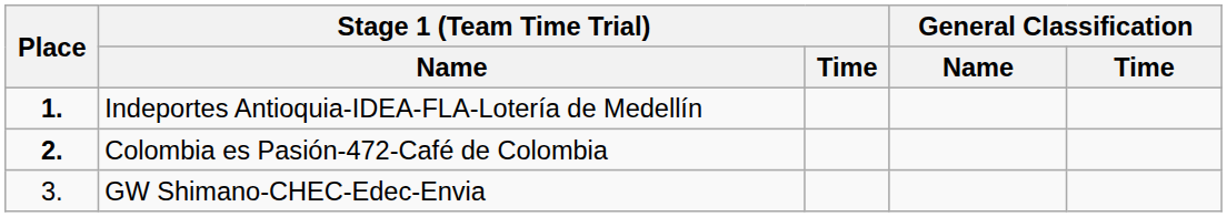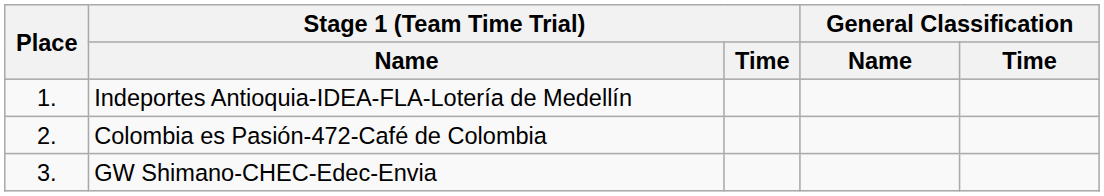 <table class=wikitable style="font-size:95%" width="80%">
 <tr>
 <th rowspan="2">Place</th>
 <th colspan="2">Stage 1 (Team Time Trial)</th>
 <th colspan="2">General Classification</th>
 </tr>
 <tr>
 <th>Name</th>
 <th>Time</th>
 <th>Name</th>
 <th>Time</th>
 </tr>
 <tr>
-<td align="center"><strong>1.</strong></td>
+<td align="center">1.</td>
 <td>Indeportes Antioquia-IDEA-FLA-Lotería de Medellín</td>
 <td></td>
 <td></td>
 <td></td>
 </tr>
 <tr>
-<td align="center"><strong>2.</strong></td>
+<td align="center">2.</td>
 <td>Colombia es Pasión-472-Café de Colombia</td>
 <td></td>
 <td></td>
 <td></td>
 </tr>
 <tr>
 <td align="center">3.</td>
 <td>GW Shimano-CHEC-Edec-Envia</td>
 <td></td>
 <td></td>
 <td></td>
 </tr>
 </table>
